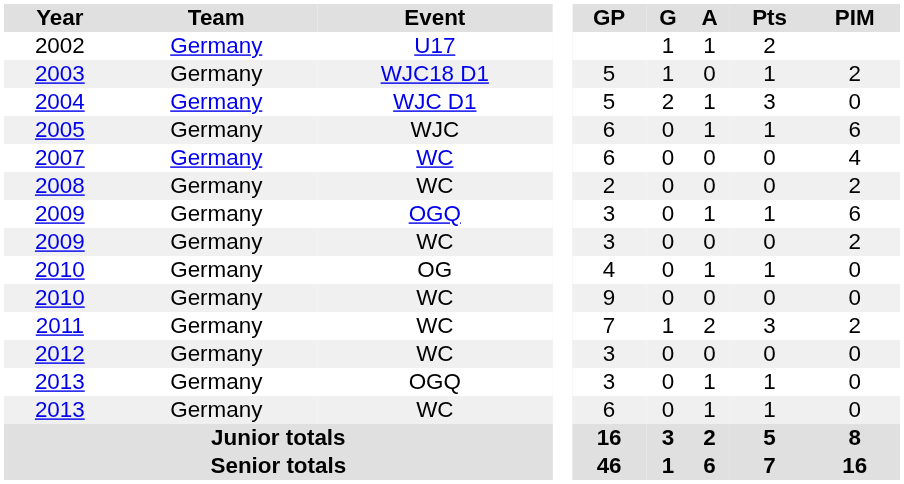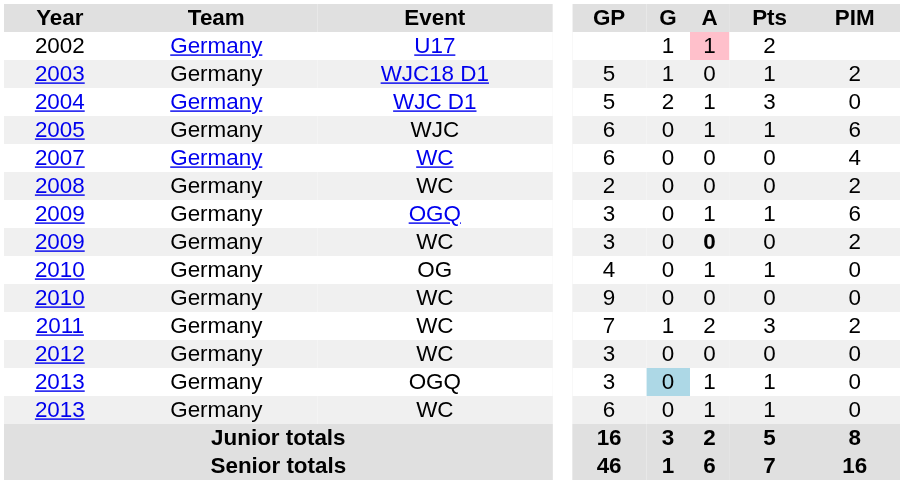 <table border="0" cellpadding="1" cellspacing="0" style="text-align:center; width:40em">
 <tr ALIGN="center" bgcolor="#e0e0e0">
 <th>Year</th>
 <th>Team</th>
 <th>Event</th>
 <th ALIGN="center" rowspan="99" bgcolor="#ffffff"> </th>
 <th>GP</th>
 <th>G</th>
 <th>A</th>
 <th>Pts</th>
 <th>PIM</th>
 </tr>
 <tr>
 <td>2002</td>
 <td><a href='#'>Germany</a></td>
 <td><a href='#'>U17</a></td>
 <td></td>
 <td>1</td>
-<td>1</td>
+<td style="background: pink;">1</td>
 <td>2</td>
 <td></td>
 </tr>
 <tr bgcolor="#f0f0f0">
 <td><a href='#'>2003</a></td>
 <td>Germany</td>
 <td><a href='#'>WJC18 D1</a></td>
 <td>5</td>
 <td>1</td>
 <td>0</td>
 <td>1</td>
 <td>2</td>
 </tr>
 <tr>
 <td><a href='#'>2004</a></td>
 <td><a href='#'>Germany</a></td>
 <td><a href='#'>WJC D1</a></td>
 <td>5</td>
 <td>2</td>
 <td>1</td>
 <td>3</td>
 <td>0</td>
 </tr>
 <tr bgcolor="#f0f0f0">
 <td><a href='#'>2005</a></td>
 <td>Germany</td>
 <td>WJC</td>
 <td>6</td>
 <td>0</td>
 <td>1</td>
 <td>1</td>
 <td>6</td>
 </tr>
 <tr>
 <td><a href='#'>2007</a></td>
 <td><a href='#'>Germany</a></td>
 <td><a href='#'>WC</a></td>
 <td>6</td>
 <td>0</td>
 <td>0</td>
 <td>0</td>
 <td>4</td>
 </tr>
 <tr bgcolor="#f0f0f0">
 <td><a href='#'>2008</a></td>
 <td>Germany</td>
 <td>WC</td>
 <td>2</td>
 <td>0</td>
 <td>0</td>
 <td>0</td>
 <td>2</td>
 </tr>
 <tr>
 <td><a href='#'>2009</a></td>
 <td>Germany</td>
 <td><a href='#'>OGQ</a></td>
 <td>3</td>
 <td>0</td>
 <td>1</td>
 <td>1</td>
 <td>6</td>
 </tr>
 <tr bgcolor="#f0f0f0">
 <td><a href='#'>2009</a></td>
 <td>Germany</td>
 <td>WC</td>
 <td>3</td>
 <td>0</td>
-<td>0</td>
+<td><strong>0</strong></td>
 <td>0</td>
 <td>2</td>
 </tr>
 <tr>
 <td><a href='#'>2010</a></td>
 <td>Germany</td>
 <td>OG</td>
 <td>4</td>
 <td>0</td>
 <td>1</td>
 <td>1</td>
 <td>0</td>
 </tr>
 <tr bgcolor="#f0f0f0">
 <td><a href='#'>2010</a></td>
 <td>Germany</td>
 <td>WC</td>
 <td>9</td>
 <td>0</td>
 <td>0</td>
 <td>0</td>
 <td>0</td>
 </tr>
 <tr>
 <td><a href='#'>2011</a></td>
 <td>Germany</td>
 <td>WC</td>
 <td>7</td>
 <td>1</td>
 <td>2</td>
 <td>3</td>
 <td>2</td>
 </tr>
 <tr bgcolor="#f0f0f0">
 <td><a href='#'>2012</a></td>
 <td>Germany</td>
 <td>WC</td>
 <td>3</td>
 <td>0</td>
 <td>0</td>
 <td>0</td>
 <td>0</td>
 </tr>
 <tr>
 <td><a href='#'>2013</a></td>
 <td>Germany</td>
 <td>OGQ</td>
 <td>3</td>
-<td>0</td>
+<td style="background: lightblue;">0</td>
 <td>1</td>
 <td>1</td>
 <td>0</td>
 </tr>
 <tr bgcolor="#f0f0f0">
 <td><a href='#'>2013</a></td>
 <td>Germany</td>
 <td>WC</td>
 <td>6</td>
 <td>0</td>
 <td>1</td>
 <td>1</td>
 <td>0</td>
 </tr>
 <tr bgcolor="#e0e0e0">
 <th colspan="3">Junior totals</th>
 <th>16</th>
 <th>3</th>
 <th>2</th>
 <th>5</th>
 <th>8</th>
 </tr>
 <tr bgcolor="#e0e0e0">
 <th colspan="3">Senior totals</th>
 <th>46</th>
 <th>1</th>
 <th>6</th>
 <th>7</th>
 <th>16</th>
 </tr>
 </table>
